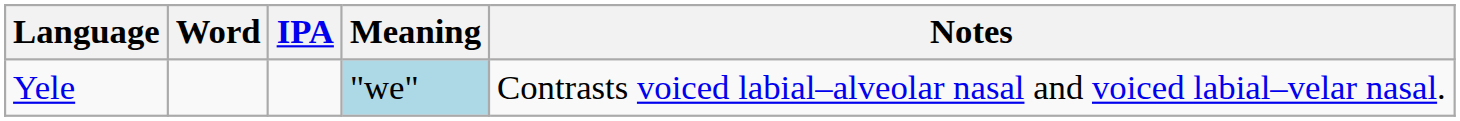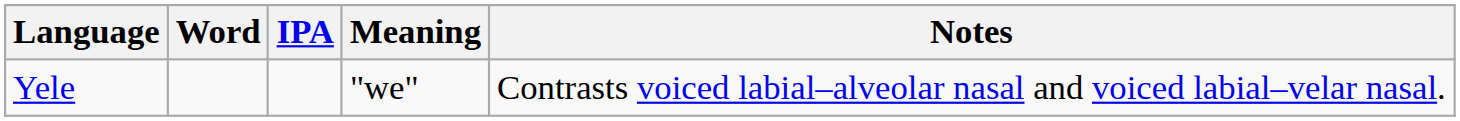 <table class="wikitable">
 <tr>
 <th>Language</th>
 <th>Word</th>
 <th><a href='#'>IPA</a></th>
 <th>Meaning</th>
 <th>Notes</th>
 </tr>
 <tr>
 <td rowspan=2><a href='#'>Yele</a></td>
 <td></td>
 <td></td>
-<td style="background: lightblue;">"we"</td>
+<td>"we"</td>
 <td>Contrasts <a href='#'>voiced labial–alveolar nasal</a> and <a href='#'>voiced labial–velar nasal</a>.</td>
 </tr>
 </table>
